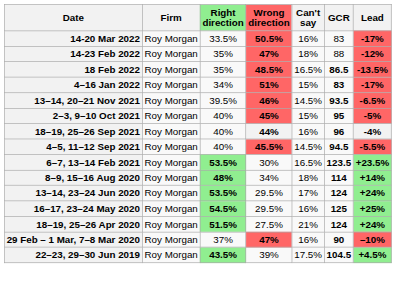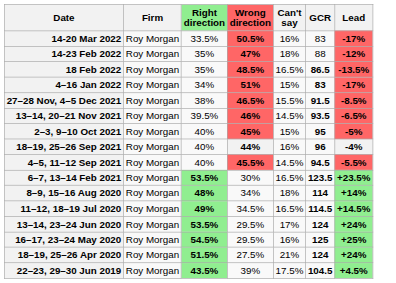 <table class="nowrap wikitable mw-datatable" style=text-align:center;margin-right:.4em;margin-top:.4em;font-size:90%>
 <tr>
 <th>Date</th>
 <th>Firm</th>
 <th style=background:#90ee90>Right<br>direction</th>
 <th style=background:#f66>Wrong<br>direction</th>
 <th>Can't<br>say</th>
 <th>GCR</th>
 <th>Lead</th>
 </tr>
 <tr>
 <th style=text-align:right data-sort-value=20-Mar-2022>14-20 Mar 2022</th>
 <td style=text-align:left>Roy Morgan</td>
 <td>33.5%</td>
 <th style=background:#f66>50.5%</th>
 <td>16%</td>
 <td>83</td>
 <th style=background:#f66>-17%</th>
 </tr>
 <tr>
 <th style=text-align:right data-sort-value=23-Feb-2022>14-23 Feb 2022</th>
 <td style=text-align:left>Roy Morgan</td>
 <td>35%</td>
 <th style=background:#f66>47%</th>
 <td>18%</td>
 <td>88</td>
 <th style=background:#f66>-12%</th>
 </tr>
 <tr>
 <th style=text-align:right data-sort-value=8-Feb-2022>18 Feb 2022</th>
 <td style=text-align:left>Roy Morgan</td>
 <td>35%</td>
 <th style=background:#f66>48.5%</th>
 <td>16.5%</td>
 <td><strong>86.5</strong></td>
 <th style=background:#f66>-13.5%</th>
 </tr>
 <tr>
 <th style=text-align:right data-sort-value=16-Jan-2022>4–16 Jan 2022</th>
 <td style=text-align:left>Roy Morgan</td>
 <td>34%</td>
 <th style=background:#f66>51%</th>
 <td>15%</td>
 <td><strong>83</strong></td>
 <th style=background:#f66>-17%</th>
+</tr>
+<tr>
+<th style=text-align:right data-sort-value=5-Dec-2021>27–28 Nov, 4–5 Dec 2021</th>
+<td style=text-align:left>Roy Morgan</td>
+<td>38%</td>
+<th style=background:#f66>46.5%</th>
+<td>15.5%</td>
+<td><strong>91.5</strong></td>
+<th style=background:#f66>-8.5%</th>
 </tr>
 <tr>
 <th style=text-align:right data-sort-value=21-Nov-2021>13–14, 20–21 Nov 2021</th>
 <td style=text-align:left>Roy Morgan</td>
 <td>39.5%</td>
 <th style=background:#f66>46%</th>
 <td>14.5%</td>
 <td><strong>93.5</strong></td>
 <th style=background:#f66>-6.5%</th>
 </tr>
 <tr>
 <th style=text-align:right data-sort-value=10-Oct-2021>2–3, 9–10 Oct 2021</th>
 <td style=text-align:left>Roy Morgan</td>
 <td>40%</td>
 <th style=background:#f66>45%</th>
 <td>15%</td>
 <td><strong>95</strong></td>
 <th style=background:#f66>-5%</th>
 </tr>
 <tr>
 <th style=text-align:right data-sort-value=26-Sep-2021>18–19, 25–26 Sep 2021</th>
 <td style=text-align:left>Roy Morgan</td>
 <td>40%</td>
 <th style=background:#f66!>44%</th>
 <td>16%</td>
 <td><strong>96</strong></td>
 <th style=background:#f66!>-4%</th>
 </tr>
 <tr>
 <th style=text-align:right data-sort-value=12-Sep-2021>4–5, 11–12 Sep 2021</th>
 <td style=text-align:left>Roy Morgan</td>
 <td>40%</td>
 <th style=background:#f66>45.5%</th>
 <td>14.5%</td>
 <td><strong>94.5</strong></td>
 <th style=background:#f66>-5.5%</th>
 </tr>
 <tr>
 <th style=text-align:right data-sort-value=14-Feb-2021>6–7, 13–14 Feb 2021</th>
 <td style=text-align:left>Roy Morgan</td>
 <td style=background:#90ee90><strong>53.5%</strong></td>
 <td>30%</td>
 <td>16.5%</td>
 <td><strong>123.5</strong></td>
 <td style=background:#90ee90><strong>+23.5%</strong></td>
 </tr>
 <tr>
 <th style=text-align:right data-sort-value=16-Aug-2020>8–9, 15–16 Aug 2020</th>
 <td style=text-align:left>Roy Morgan</td>
 <td style=background:#90ee90><strong>48%</strong></td>
 <td>34%</td>
 <td>18%</td>
 <td><strong>114</strong></td>
 <td style=background:#90ee90><strong>+14%</strong></td>
 </tr>
 <tr>
+<th style=text-align:right data-sort-value=19-Jul-2020>11–12, 18–19 Jul 2020</th>
+<td style=text-align:left>Roy Morgan</td>
+<td style=background:#90ee90><strong>49%</strong></td>
+<td>34.5%</td>
+<td>16.5%</td>
+<td><strong>114.5</strong></td>
+<td style=background:#90ee90><strong>+14.5%</strong></td>
+</tr>
+<tr>
 <th style=text-align:right data-sort-value=24-Jun-2020>13–14, 23–24 Jun 2020</th>
 <td style=text-align:left>Roy Morgan</td>
 <td style=background:#90ee90><strong>53.5%</strong></td>
 <td>29.5%</td>
 <td>17%</td>
 <td><strong>124</strong></td>
 <td style=background:#90ee90><strong>+24%</strong></td>
 </tr>
 <tr>
 <th style=text-align:right data-sort-value=24-May-2020>16–17, 23–24 May 2020</th>
 <td style=text-align:left>Roy Morgan</td>
 <td style=background:#90ee90><strong>54.5%</strong></td>
 <td>29.5%</td>
 <td>16%</td>
 <td><strong>125</strong></td>
 <td style=background:#90ee90><strong>+25%</strong></td>
 </tr>
 <tr>
 <th style=text-align:right data-sort-value="26 Apr 2020">18–19, 25–26 Apr 2020</th>
 <td style=text-align:left>Roy Morgan</td>
 <td style=background:#90ee90><strong>51.5%</strong></td>
 <td>27.5%</td>
 <td>21%</td>
 <td><strong>124</strong></td>
 <td style=background:#90ee90><strong>+24%</strong></td>
 </tr>
 <tr>
-<th style=text-align:right data-sort-value=8-Mar-2020>29 Feb – 1 Mar, 7–8 Mar 2020</th>
-<td style=text-align:left>Roy Morgan</td>
-<td>37%</td>
-<td style=background:#f66><strong>47%</strong></td>
-<td>16%</td>
-<td><strong>90</strong></td>
-<td style=background:#f66><strong>–10%</strong></td>
-</tr>
-<tr>
 <th style=text-align:right data-sort-value=30-Jun-2019>22–23, 29–30 Jun 2019</th>
 <td style=text-align:left>Roy Morgan</td>
 <td style=background:#90ee90><strong>43.5%</strong></td>
 <td>39%</td>
 <td>17.5%</td>
 <td><strong>104.5</strong></td>
 <td style=background:#90ee90><strong>+4.5%</strong></td>
 </tr>
 </table>
